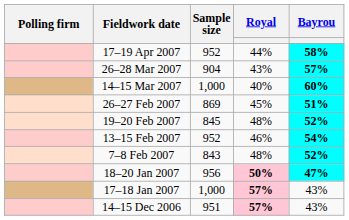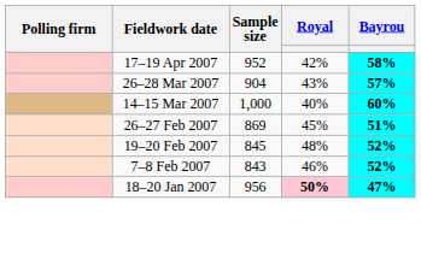 <table class="wikitable sortable" style="text-align:center;font-size:90%;line-height:14px;">
 <tr style="height:40px;">
 <th style="width:100px;" rowspan="2">Polling firm</th>
 <th style="width:110px;" rowspan="2">Fieldwork date</th>
 <th style="width:35px;" rowspan="2">Sample<br>size</th>
 <th class="unsortable" style="width:60px;"><a href='#'>Royal</a><br></th>
 <th class="unsortable" style="width:60px;"><a href='#'>Bayrou</a><br></th>
 </tr>
 <tr>
 <th style="background:"></th>
 <th style="background:"></th>
 </tr>
 <tr>
 <td style="background:#FFCCCC;"></td>
 <td data-sort-value="2007-04-19">17–19 Apr 2007</td>
 <td>952</td>
-<td>44%</td>
+<td>42%</td>
 <td style="background:#00FFFF;"><strong>58%</strong></td>
 </tr>
 <tr>
 <td style="background:#FFCCCC;"></td>
 <td data-sort-value="2007-03-28">26–28 Mar 2007</td>
 <td>904</td>
 <td>43%</td>
 <td style="background:#00FFFF;"><strong>57%</strong></td>
 </tr>
 <tr>
 <td style="background:burlywood;"></td>
 <td data-sort-value="2007-03-15">14–15 Mar 2007</td>
 <td>1,000</td>
 <td>40%</td>
 <td style="background:#00FFFF;"><strong>60%</strong></td>
 </tr>
 <tr>
 <td style="background:#FFDFCC;"></td>
 <td data-sort-value="2007-02-27">26–27 Feb 2007</td>
 <td>869</td>
 <td>45%</td>
 <td style="background:#00FFFF;"><strong>51%</strong></td>
 </tr>
 <tr>
 <td style="background:#FFDFCC;"></td>
 <td data-sort-value="2007-02-20">19–20 Feb 2007</td>
 <td>845</td>
 <td>48%</td>
 <td style="background:#00FFFF;"><strong>52%</strong></td>
 </tr>
 <tr>
-<td style="background:#FFCCCC;"></td>
-<td data-sort-value="2007-02-15">13–15 Feb 2007</td>
-<td>952</td>
-<td>46%</td>
-<td style="background:#00FFFF;"><strong>54%</strong></td>
-</tr>
-<tr>
 <td style="background:#FFDFCC;"></td>
 <td data-sort-value="2007-02-08">7–8 Feb 2007</td>
 <td>843</td>
-<td>48%</td>
+<td>46%</td>
 <td style="background:#00FFFF;"><strong>52%</strong></td>
 </tr>
 <tr>
 <td style="background:#FFCCCC;"></td>
 <td data-sort-value="2007-01-20">18–20 Jan 2007</td>
 <td>956</td>
 <td style="background:#FFC6D5;"><strong>50%</strong></td>
 <td style="background:#00FFFF;"><strong>47%</strong></td>
 </tr>
-<tr>
-<td style="background:burlywood;"></td>
-<td data-sort-value="2007-01-18">17–18 Jan 2007</td>
-<td>1,000</td>
-<td style="background:#FFC6D5;"><strong>57%</strong></td>
-<td>43%</td>
-</tr>
-<tr>
-<td style="background:#FFCCCC;"></td>
-<td data-sort-value="2006-12-15">14–15 Dec 2006</td>
-<td>951</td>
-<td style="background:#FFC6D5;"><strong>57%</strong></td>
-<td>43%</td>
-</tr>
 </table>
